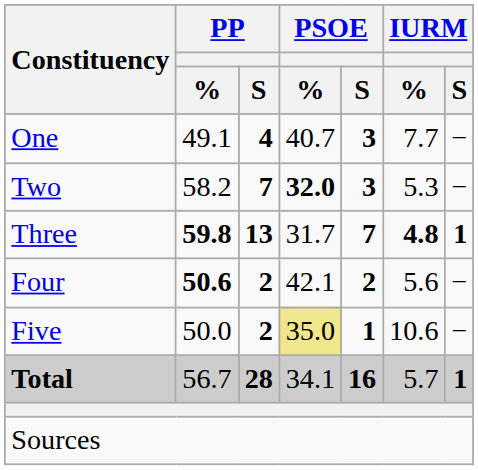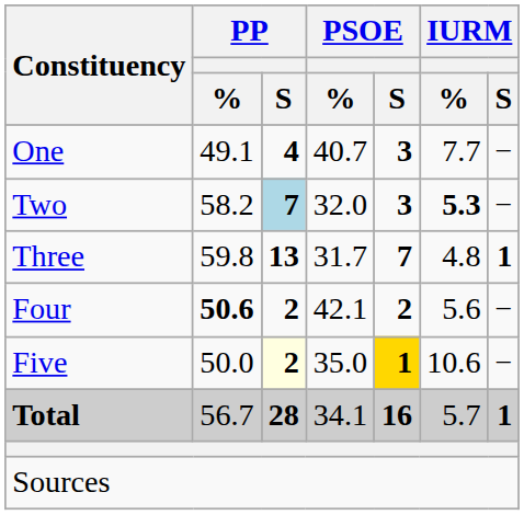 <table class="wikitable sortable" style="text-align:right; line-height:20px;">
 <tr>
 <th rowspan="3">Constituency</th>
 <th colspan="2" width="30px" class="unsortable"><a href='#'>PP</a></th>
 <th colspan="2" width="30px" class="unsortable"><a href='#'>PSOE</a></th>
 <th colspan="2" width="30px" class="unsortable"><a href='#'>IURM</a></th>
 </tr>
 <tr>
 <th colspan="2" style="background:"></th>
 <th colspan="2" style="background:"></th>
 <th colspan="2" style="background:"></th>
 </tr>
 <tr>
 <th data-sort-type="number">%</th>
 <th data-sort-type="number">S</th>
 <th data-sort-type="number">%</th>
 <th data-sort-type="number">S</th>
 <th data-sort-type="number">%</th>
 <th data-sort-type="number">S</th>
 </tr>
 <tr>
 <td align="left"><a href='#'>One</a></td>
 <td style="background:">49.1</td>
 <td><strong>4</strong></td>
 <td>40.7</td>
 <td><strong>3</strong></td>
 <td>7.7</td>
 <td>−</td>
 </tr>
 <tr>
 <td align="left"><a href='#'>Two</a></td>
 <td style="background:">58.2</td>
-<td><strong>7</strong></td>
-<td><strong>32.0</strong></td>
+<td style="background: lightblue;"><strong>7</strong></td>
+<td>32.0</td>
 <td><strong>3</strong></td>
-<td>5.3</td>
+<td><strong>5.3</strong></td>
 <td>−</td>
 </tr>
 <tr>
 <td align="left"><a href='#'>Three</a></td>
-<td style="background:"><strong>59.8</strong></td>
+<td style="background:">59.8</td>
 <td><strong>13</strong></td>
 <td>31.7</td>
 <td><strong>7</strong></td>
-<td><strong>4.8</strong></td>
+<td>4.8</td>
 <td><strong>1</strong></td>
 </tr>
 <tr>
 <td align="left"><a href='#'>Four</a></td>
 <td style="background:"><strong>50.6</strong></td>
 <td><strong>2</strong></td>
 <td>42.1</td>
 <td><strong>2</strong></td>
 <td>5.6</td>
 <td>−</td>
 </tr>
 <tr>
 <td align="left"><a href='#'>Five</a></td>
 <td style="background:">50.0</td>
-<td><strong>2</strong></td>
-<td style="background: khaki;">35.0</td>
-<td><strong>1</strong></td>
+<td style="background: lightyellow;"><strong>2</strong></td>
+<td>35.0</td>
+<td style="background: gold;"><strong>1</strong></td>
 <td>10.6</td>
 <td>−</td>
 </tr>
 <tr style="background:#CDCDCD;">
 <td align="left"><strong>Total</strong></td>
 <td style="background:">56.7</td>
 <td><strong>28</strong></td>
 <td>34.1</td>
 <td><strong>16</strong></td>
 <td>5.7</td>
 <td><strong>1</strong></td>
 </tr>
 <tr>
 <th colspan="7" bgcolor="#E9E9E9"></th>
 </tr>
 <tr>
 <th style="text-align:left; font-weight:normal; background:#F9F9F9" colspan="7">Sources</th>
 </tr>
 </table>
